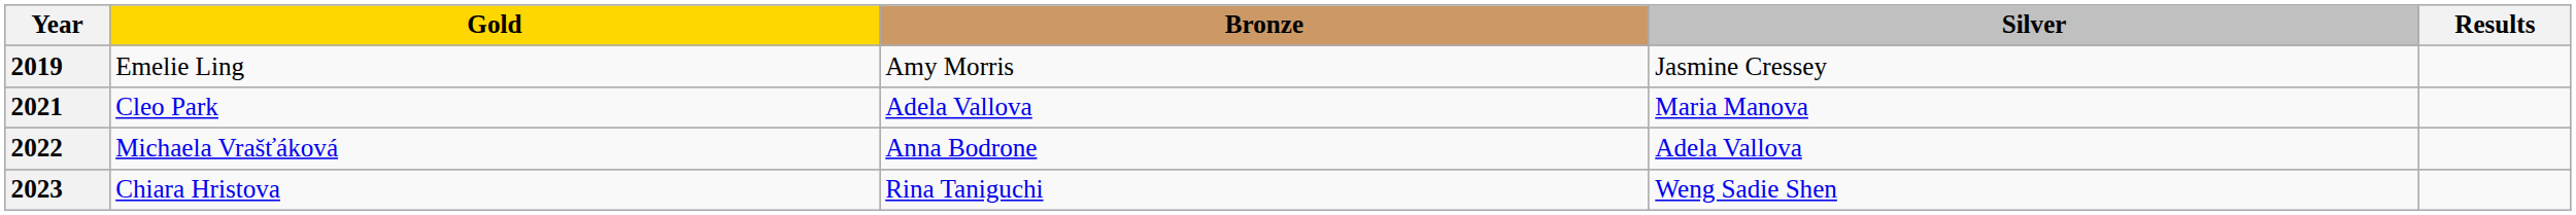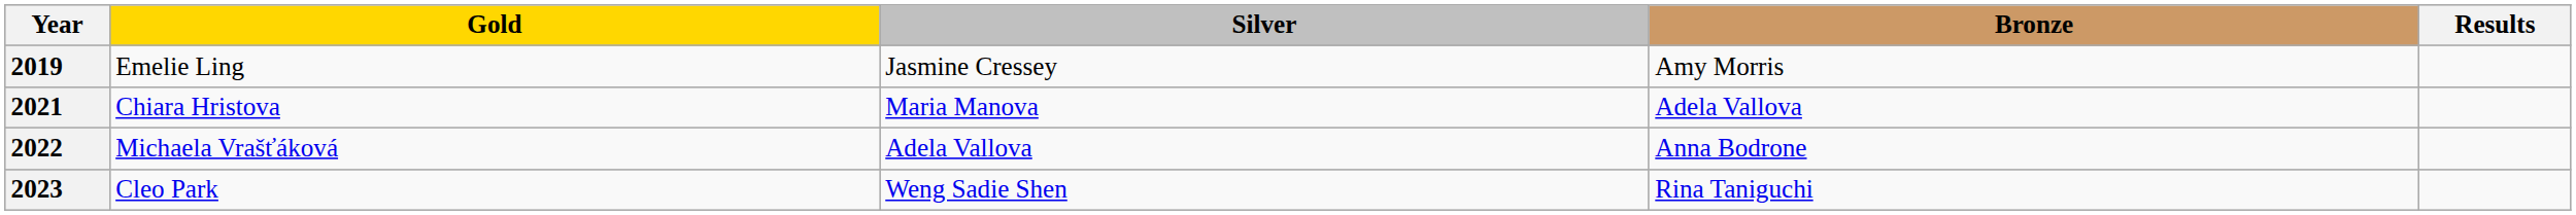 <table class="wikitable unsortable" style="text-align:left; width:80%">
 <tr>
 <th scope="col" style="text-align:center;">Year</th>
 <td scope="col" style="text-align:center; width:30%; background:gold"><strong>Gold</strong></td>
+<td scope="col" style="text-align:center; width:30%; background:silver"><strong>Silver</strong></td>
 <td scope="col" style="text-align:center; width:30%; background:#c96"><strong>Bronze</strong></td>
-<td scope="col" style="text-align:center; width:30%; background:silver"><strong>Silver</strong></td>
 <th scope="col" style="text-align:center;">Results</th>
 </tr>
 <tr>
 <th scope="row" style="text-align:left">2019</th>
 <td> Emelie Ling</td>
+<td> Jasmine Cressey</td>
 <td> Amy Morris</td>
-<td> Jasmine Cressey</td>
 <td></td>
 </tr>
 <tr>
 <th scope="row" style="text-align:left">2021</th>
-<td> <a href='#'>Cleo Park</a></td>
+<td> <a href='#'>Chiara Hristova</a></td>
+<td> <a href='#'>Maria Manova</a></td>
 <td> <a href='#'>Adela Vallova</a></td>
-<td> <a href='#'>Maria Manova</a></td>
 <td></td>
 </tr>
 <tr>
 <th scope="row" style="text-align:left">2022</th>
 <td> <a href='#'>Michaela Vrašťáková</a></td>
+<td> <a href='#'>Adela Vallova</a></td>
 <td> <a href='#'>Anna Bodrone</a></td>
-<td> <a href='#'>Adela Vallova</a></td>
 <td></td>
 </tr>
 <tr>
 <th scope="row" style="text-align:left">2023</th>
-<td> <a href='#'>Chiara Hristova</a></td>
+<td> <a href='#'>Cleo Park</a></td>
+<td> <a href='#'>Weng Sadie Shen</a></td>
 <td> <a href='#'>Rina Taniguchi</a></td>
-<td> <a href='#'>Weng Sadie Shen</a></td>
 <td></td>
 </tr>
 </table>
